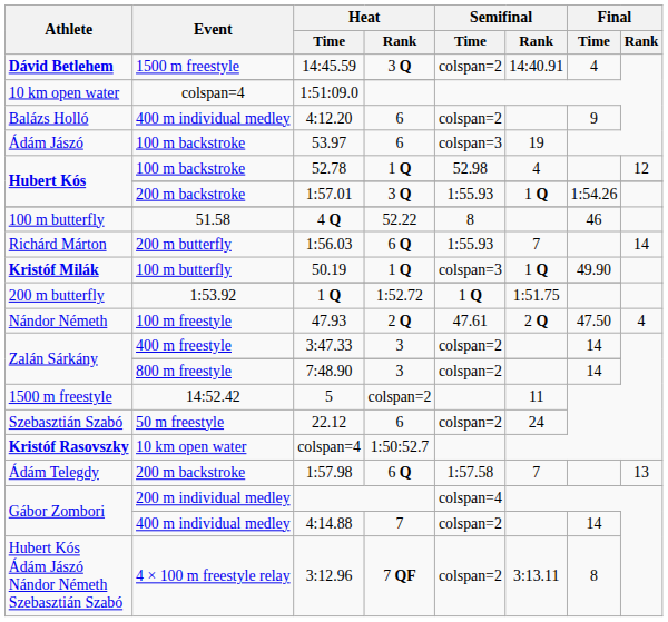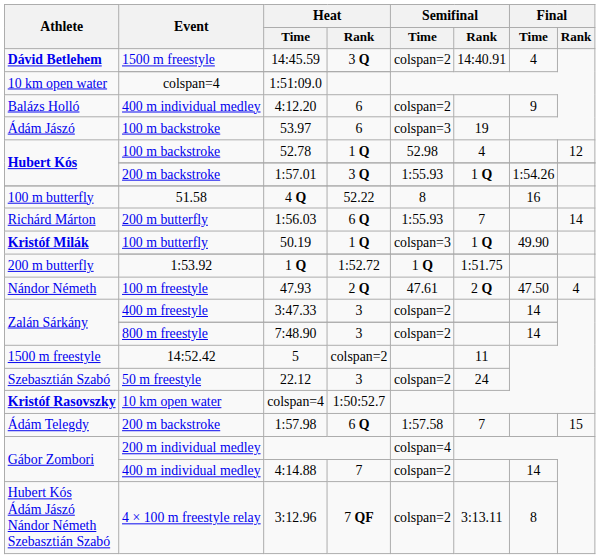 <table class=wikitable style="font-size:90%;">
 <tr>
 <th rowspan=2>Athlete</th>
 <th rowspan=2>Event</th>
 <th colspan=2>Heat</th>
 <th colspan=2>Semifinal</th>
 <th colspan=2>Final</th>
 </tr>
 <tr style="font-size:95%">
 <th>Time</th>
 <th>Rank</th>
 <th>Time</th>
 <th>Rank</th>
 <th>Time</th>
 <th>Rank</th>
 </tr>
 <tr align=center>
 <td align=left rowspan=2><strong><a href='#'>Dávid Betlehem</a></strong></td>
 <td align=left><a href='#'>1500 m freestyle</a></td>
 <td>14:45.59</td>
 <td>3 <strong>Q</strong></td>
 <td>colspan=2 </td>
 <td>14:40.91</td>
 <td>4</td>
 </tr>
 <tr>
 </tr>
 <tr align=center>
 <td align=left><a href='#'>10 km open water</a></td>
 <td>colspan=4 </td>
 <td>1:51:09.0</td>
 <td></td>
 </tr>
 <tr align=center>
 <td align=left><a href='#'>Balázs Holló</a></td>
 <td align=left><a href='#'>400 m individual medley</a></td>
 <td>4:12.20</td>
 <td>6</td>
 <td>colspan=2 </td>
 <td></td>
 <td>9</td>
 </tr>
 <tr align=center>
 <td align=left><a href='#'>Ádám Jászó</a></td>
 <td align=left><a href='#'>100 m backstroke</a></td>
 <td>53.97</td>
 <td>6</td>
 <td>colspan=3 </td>
 <td>19</td>
 </tr>
 <tr align=center>
 <td align=left rowspan=3><strong><a href='#'>Hubert Kós</a></strong></td>
 <td align=left><a href='#'>100 m backstroke</a></td>
 <td>52.78</td>
 <td>1 <strong>Q</strong></td>
 <td>52.98</td>
 <td>4</td>
 <td></td>
 <td>12</td>
 </tr>
 <tr>
 </tr>
 <tr align=center>
 <td align=left><a href='#'>200 m backstroke</a></td>
 <td>1:57.01</td>
 <td>3 <strong>Q</strong></td>
 <td>1:55.93</td>
 <td>1 <strong>Q</strong></td>
 <td>1:54.26</td>
 <td></td>
 </tr>
 <tr>
 </tr>
 <tr align=center>
 <td align=left><a href='#'>100 m butterfly</a></td>
 <td>51.58</td>
 <td>4 <strong>Q</strong></td>
 <td>52.22</td>
 <td>8</td>
 <td></td>
-<td>46</td>
+<td>16</td>
 </tr>
 <tr align=center>
 <td align=left><a href='#'>Richárd Márton</a></td>
 <td align=left><a href='#'>200 m butterfly</a></td>
 <td>1:56.03</td>
 <td>6 <strong>Q</strong></td>
 <td>1:55.93</td>
 <td>7</td>
 <td></td>
 <td>14</td>
 </tr>
 <tr align=center>
 <td align=left rowspan=2><strong><a href='#'>Kristóf Milák</a></strong></td>
 <td align=left><a href='#'>100 m butterfly</a></td>
 <td>50.19</td>
 <td>1 <strong>Q</strong></td>
 <td>colspan=3 </td>
 <td>1 <strong>Q</strong></td>
 <td>49.90</td>
 <td></td>
 </tr>
 <tr>
 </tr>
 <tr align=center>
 <td align=left><a href='#'>200 m butterfly</a></td>
 <td>1:53.92</td>
 <td>1 <strong>Q</strong></td>
 <td>1:52.72</td>
 <td>1 <strong>Q</strong></td>
 <td>1:51.75</td>
 <td></td>
 </tr>
 <tr align=center>
 <td align=left><a href='#'>Nándor Németh</a></td>
 <td align=left><a href='#'>100 m freestyle</a></td>
 <td>47.93</td>
 <td>2 <strong>Q</strong></td>
 <td>47.61</td>
 <td>2 <strong>Q</strong></td>
 <td>47.50</td>
 <td>4</td>
 </tr>
 <tr align=center>
 <td align=left rowspan=3><a href='#'>Zalán Sárkány</a></td>
 <td align=left><a href='#'>400 m freestyle</a></td>
 <td>3:47.33</td>
 <td>3</td>
 <td>colspan=2 </td>
 <td></td>
 <td>14</td>
 </tr>
 <tr>
 </tr>
 <tr align=center>
 <td align=left><a href='#'>800 m freestyle</a></td>
 <td>7:48.90</td>
 <td>3</td>
 <td>colspan=2 </td>
 <td></td>
 <td>14</td>
 </tr>
 <tr align=center>
 <td align=left><a href='#'>1500 m freestyle</a></td>
 <td>14:52.42</td>
 <td>5</td>
 <td>colspan=2 </td>
 <td></td>
 <td>11</td>
 </tr>
 <tr align=center>
 <td align=left><a href='#'>Szebasztián Szabó</a></td>
 <td align=left><a href='#'>50 m freestyle</a></td>
 <td>22.12</td>
-<td>6</td>
+<td>3</td>
 <td>colspan=2 </td>
 <td>24</td>
 </tr>
 <tr align=center>
 <td align=left><strong><a href='#'>Kristóf Rasovszky</a></strong></td>
 <td align=left><a href='#'>10 km open water</a></td>
 <td>colspan=4 </td>
 <td>1:50:52.7</td>
 <td></td>
 </tr>
 <tr align=center>
 <td align=left><a href='#'>Ádám Telegdy</a></td>
 <td align=left><a href='#'>200 m backstroke</a></td>
 <td>1:57.98</td>
 <td>6 <strong>Q</strong></td>
 <td>1:57.58</td>
 <td>7</td>
 <td></td>
-<td>13</td>
+<td>15</td>
 </tr>
 <tr align=center>
 <td align=left rowspan=2><a href='#'>Gábor Zombori</a></td>
 <td align=left><a href='#'>200 m individual medley</a></td>
 <td colspan=2></td>
 <td>colspan=4 </td>
 </tr>
 <tr align=center>
 <td align=left><a href='#'>400 m individual medley</a></td>
 <td>4:14.88</td>
 <td>7</td>
 <td>colspan=2 </td>
 <td></td>
 <td>14</td>
 </tr>
 <tr align=center>
 <td align=left><a href='#'>Hubert Kós</a><br><a href='#'>Ádám Jászó</a><br><a href='#'>Nándor Németh</a><br><a href='#'>Szebasztián Szabó</a></td>
 <td align=left><a href='#'>4 × 100 m freestyle relay</a></td>
 <td>3:12.96</td>
 <td>7 <strong>QF</strong></td>
 <td>colspan=2 </td>
 <td>3:13.11</td>
 <td>8</td>
 </tr>
 </table>
